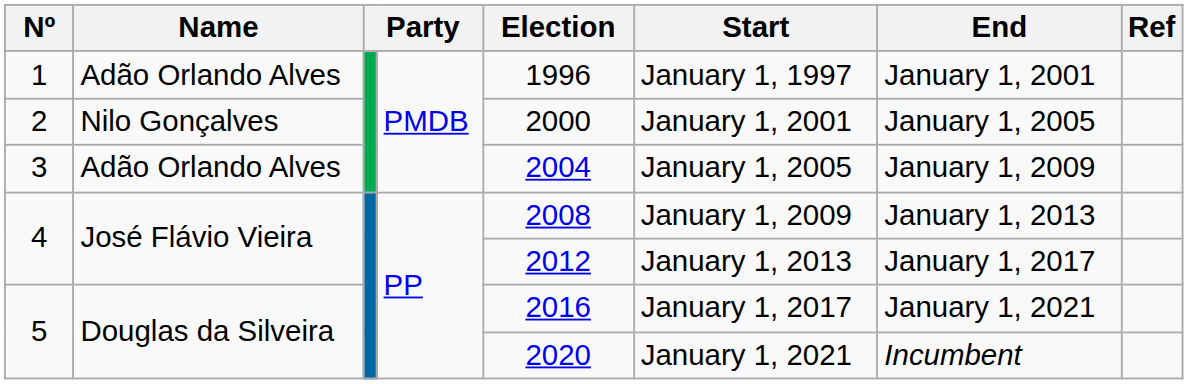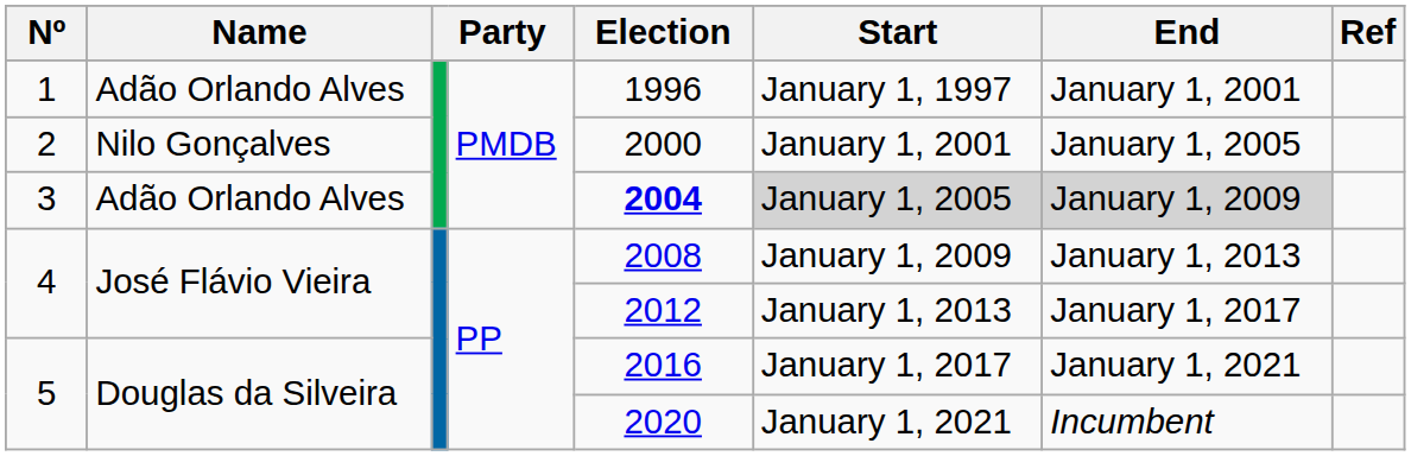 <table class="wikitable">
 <tr>
 <th width="30">Nº</th>
 <th width="150">Name</th>
 <th width="50" colspan="2">Party</th>
 <th width="75">Election</th>
 <th width="125">Start</th>
 <th width="125">End</th>
 <th>Ref</th>
 </tr>
 <tr>
 <td align=center>1</td>
 <td>Adão Orlando Alves</td>
 <td rowspan="3" bgcolor=00aa4f></td>
 <td rowspan="3" width="50"><a href='#'>PMDB</a></td>
 <td align=center>1996</td>
 <td>January 1, 1997</td>
 <td>January 1, 2001</td>
 <td align=center></td>
 </tr>
 <tr>
 <td align=center>2</td>
 <td>Nilo Gonçalves</td>
 <td align=center>2000</td>
 <td>January 1, 2001</td>
 <td>January 1, 2005</td>
 <td align=center></td>
 </tr>
 <tr>
 <td align=center>3</td>
 <td>Adão Orlando Alves</td>
-<td align=center><a href='#'>2004</a></td>
-<td>January 1, 2005</td>
-<td>January 1, 2009</td>
+<td align=center><strong><a href='#'>2004</a></strong></td>
+<td style="background: lightgrey;">January 1, 2005</td>
+<td style="background: lightgrey;">January 1, 2009</td>
 <td align=center></td>
 </tr>
 <tr>
 <td rowspan="2" align=center>4</td>
 <td rowspan="2">José Flávio Vieira</td>
 <td rowspan="4" bgcolor=0067A5></td>
 <td rowspan="4" width="50"><a href='#'>PP</a></td>
 <td align=center><a href='#'>2008</a></td>
 <td>January 1, 2009</td>
 <td>January 1, 2013</td>
 <td align=center></td>
 </tr>
 <tr>
 <td align=center><a href='#'>2012</a></td>
 <td>January 1, 2013</td>
 <td>January 1, 2017</td>
 <td align=center></td>
 </tr>
 <tr>
 <td rowspan="2" align=center>5</td>
 <td rowspan="2">Douglas da Silveira</td>
 <td align=center><a href='#'>2016</a></td>
 <td>January 1, 2017</td>
 <td>January 1, 2021</td>
 <td align=center></td>
 </tr>
 <tr>
 <td align=center><a href='#'>2020</a></td>
 <td>January 1, 2021</td>
 <td><em>Incumbent</em></td>
 <td align=center></td>
 </tr>
 </table>
